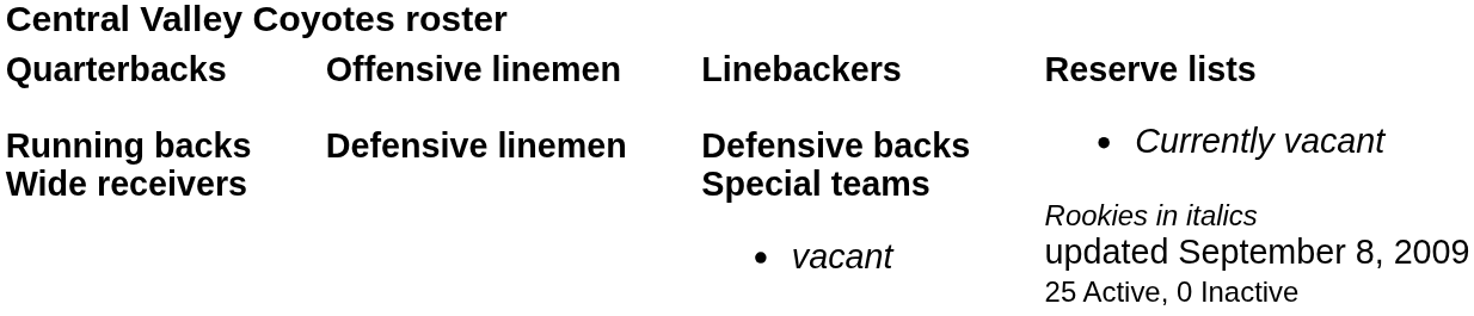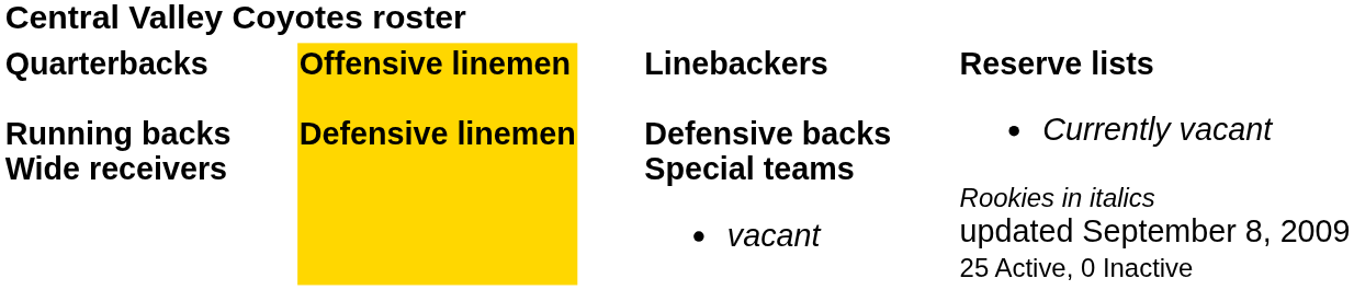 <table class="toccolours" style="text-align: left;">
 <tr>
 <th colspan="7"><strong>Central Valley Coyotes roster</strong></th>
 </tr>
 <tr>
 <td style="font-size: 95%;vertical-align:top;"><strong>Quarterbacks</strong><br> <br><strong>Running backs</strong> <br><strong>Wide receivers</strong>      </td>
 <td style="width: 25px;"></td>
-<td style="font-size: 95%;vertical-align:top;"><strong>Offensive linemen</strong><br>  <br><strong>Defensive linemen</strong>     </td>
+<td style="background: gold; font-size: 95%;vertical-align:top;"><strong>Offensive linemen</strong><br>  <br><strong>Defensive linemen</strong>     </td>
 <td style="width: 25px;"></td>
 <td style="font-size: 95%;vertical-align:top;"><strong>Linebackers</strong><br>  <br><strong>Defensive backs</strong>      <br><strong>Special teams</strong><ul><li><em>vacant</em></li></ul></td>
 <td style="width: 25px;"></td>
 <td style="font-size: 95%;vertical-align:top;"><strong>Reserve lists</strong><br><ul><li><em>Currently vacant</em></li></ul><small><em>Rookies in italics</em></small><br>  updated September 8, 2009<br> <small>25 Active, 0 Inactive</small></td>
 </tr>
 <tr>
 </tr>
 </table>
